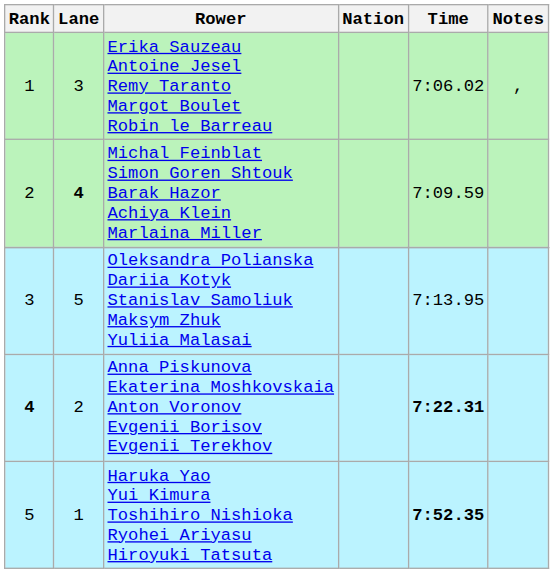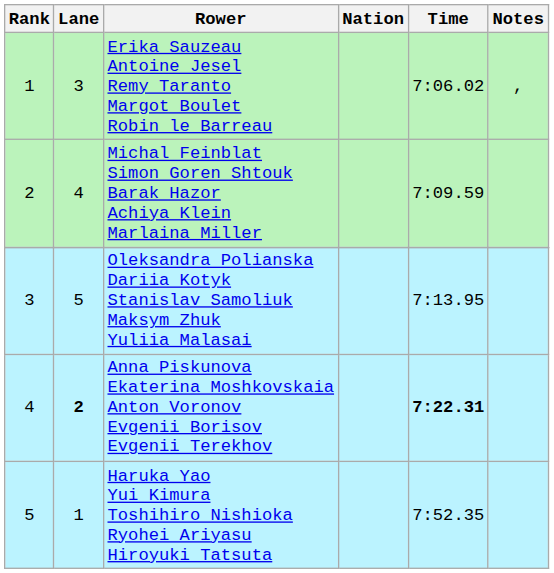 <table class="wikitable sortable" style="text-align:center">
 <tr>
 <th>Rank</th>
 <th>Lane</th>
 <th>Rower</th>
 <th>Nation</th>
 <th>Time</th>
 <th>Notes</th>
 </tr>
 <tr bgcolor=bbf3bb>
 <td>1</td>
 <td>3</td>
 <td align="left"><a href='#'>Erika Sauzeau</a><br><a href='#'>Antoine Jesel</a><br><a href='#'>Remy Taranto</a><br><a href='#'>Margot Boulet</a><br><a href='#'>Robin le Barreau</a></td>
 <td align="left"></td>
 <td>7:06.02</td>
 <td>, </td>
 </tr>
 <tr bgcolor=bbf3bb>
 <td>2</td>
-<td><strong>4</strong></td>
+<td>4</td>
 <td align="left"><a href='#'>Michal Feinblat</a><br><a href='#'>Simon Goren Shtouk</a><br><a href='#'>Barak Hazor</a><br><a href='#'>Achiya Klein</a><br><a href='#'>Marlaina Miller</a></td>
 <td align="left"></td>
 <td>7:09.59</td>
 <td></td>
 </tr>
 <tr bgcolor=bbf3ff>
 </tr>
 <tr bgcolor=bbf3ff>
 <td>3</td>
 <td>5</td>
 <td align="left"><a href='#'>Oleksandra Polianska</a><br><a href='#'>Dariia Kotyk</a><br><a href='#'>Stanislav Samoliuk</a><br><a href='#'>Maksym Zhuk</a><br><a href='#'>Yuliia Malasai</a></td>
 <td align="left"></td>
 <td>7:13.95</td>
 <td></td>
 </tr>
 <tr bgcolor=bbf3ff>
-<td><strong>4</strong></td>
-<td>2</td>
+<td>4</td>
+<td><strong>2</strong></td>
 <td align="left"><a href='#'>Anna Piskunova</a><br><a href='#'>Ekaterina Moshkovskaia</a><br><a href='#'>Anton Voronov</a><br><a href='#'>Evgenii Borisov</a><br><a href='#'>Evgenii Terekhov</a></td>
 <td align="left"></td>
 <td><strong>7:22.31</strong></td>
 <td></td>
 </tr>
 <tr bgcolor=bbf3ff>
 <td>5</td>
 <td>1</td>
 <td align="left"><a href='#'>Haruka Yao</a><br><a href='#'>Yui Kimura</a><br><a href='#'>Toshihiro Nishioka</a><br><a href='#'>Ryohei Ariyasu</a><br><a href='#'>Hiroyuki Tatsuta</a></td>
 <td align="left"></td>
-<td><strong>7:52.35</strong></td>
+<td>7:52.35</td>
 <td></td>
 </tr>
 </table>
